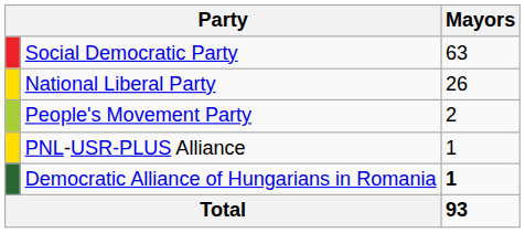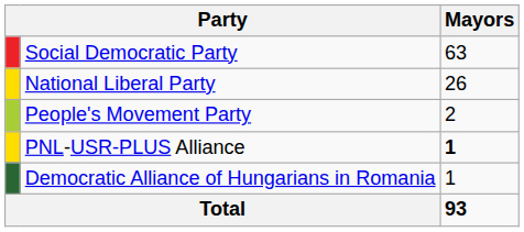 <table class="wikitable">
 <tr>
 <th colspan="2">Party</th>
 <th>Mayors</th>
 </tr>
 <tr>
 <td style="background:#ed2128;" width="5"></td>
 <td><a href='#'>Social Democratic Party</a></td>
 <td>63</td>
 </tr>
 <tr>
 <td style="background:#ffdd00;" width="5"></td>
 <td><a href='#'>National Liberal Party</a></td>
 <td>26</td>
 </tr>
 <tr>
 <td style="background:#a7cf35;" width="5"></td>
 <td><a href='#'>People's Movement Party</a></td>
 <td>2</td>
 </tr>
 <tr>
 <td style="background:#ffdd00;" width="5"></td>
 <td><a href='#'>PNL</a>-<a href='#'>USR-PLUS</a> Alliance</td>
-<td>1</td>
+<td><strong>1</strong></td>
 </tr>
 <tr>
 <td style="background:#296633;" width="5"></td>
 <td><a href='#'>Democratic Alliance of Hungarians in Romania</a></td>
-<td><strong>1</strong></td>
+<td>1</td>
 </tr>
 <tr>
 <th colspan="2">Total</th>
 <td><strong>93</strong></td>
 </tr>
 </table>
